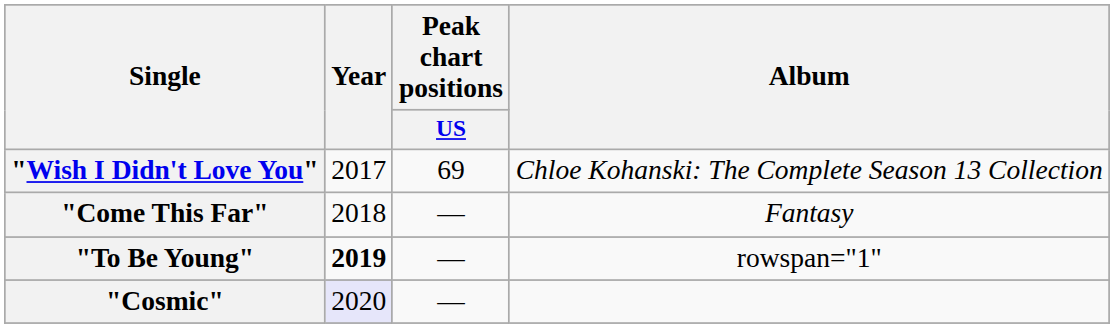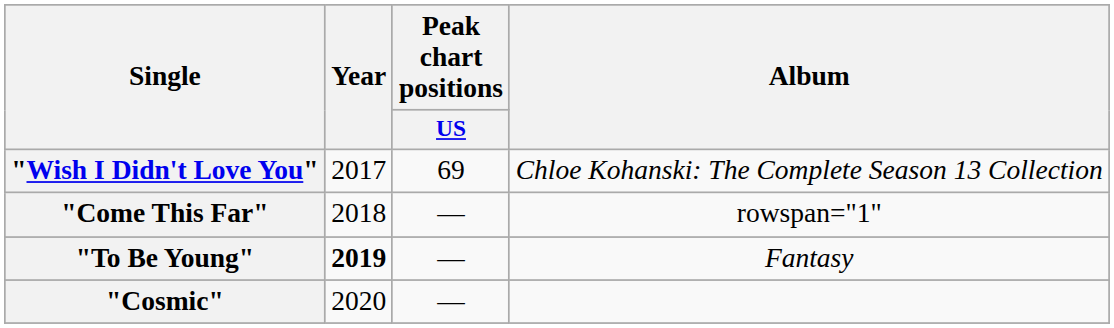 <table class="wikitable plainrowheaders" style="text-align:center;">
 <tr>
 <th scope="col" rowspan="2">Single</th>
 <th scope="col" rowspan="2">Year</th>
 <th scope="col" colspan="1">Peak chart positions</th>
 <th scope="col" rowspan="2">Album</th>
 </tr>
 <tr>
 <th scope="col" style="width:3em;font-size:85%;"><a href='#'>US</a><br></th>
 </tr>
 <tr>
 <th scope="row">"<a href='#'>Wish I Didn't Love You</a>"</th>
 <td>2017</td>
 <td>69</td>
 <td><em>Chloe Kohanski: The Complete Season 13 Collection</em></td>
 </tr>
 <tr>
 <th scope="row">"Come This Far"</th>
 <td>2018</td>
 <td>—</td>
-<td rowspan="1"><em>Fantasy</em></td>
+<td>rowspan="1" </td>
 </tr>
 <tr>
 <th scope="row">"To Be Young"</th>
 <td><strong>2019</strong></td>
 <td>—</td>
-<td>rowspan="1" </td>
+<td rowspan="1"><em>Fantasy</em></td>
 </tr>
 <tr>
 <th scope="row">"Cosmic"</th>
-<td style="background: lavender;">2020</td>
+<td>2020</td>
 <td>—</td>
 <td></td>
 </tr>
 </table>
